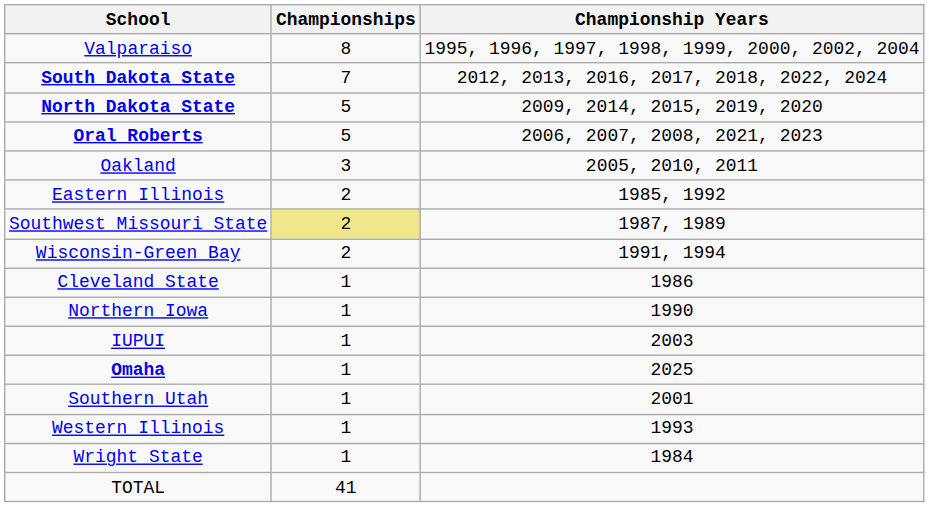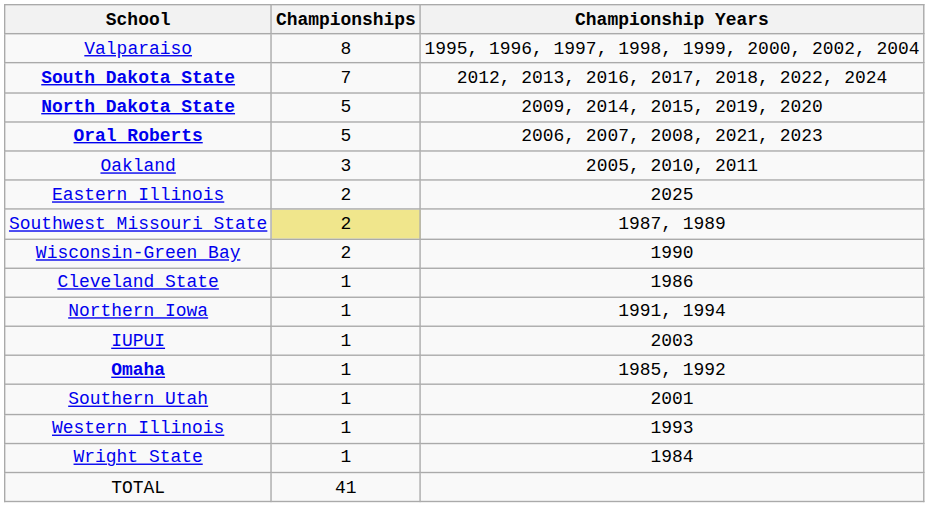 <table class="wikitable sortable" style="text-align:center">
 <tr>
 <th width=px>School</th>
 <th width=px>Championships</th>
 <th width=px>Championship Years</th>
 </tr>
 <tr>
 <td><a href='#'>Valparaiso</a></td>
 <td align=center>8</td>
 <td>1995, 1996, 1997, 1998, 1999, 2000, 2002, 2004</td>
 </tr>
 <tr>
 <td><strong><a href='#'>South Dakota State</a></strong></td>
 <td align=center>7</td>
 <td>2012, 2013, 2016, 2017, 2018, 2022, 2024</td>
 </tr>
 <tr>
 <td><strong><a href='#'>North Dakota State</a></strong></td>
 <td align="center">5</td>
 <td>2009, 2014, 2015, 2019, 2020</td>
 </tr>
 <tr>
 <td><strong><a href='#'>Oral Roberts</a></strong></td>
 <td align=center>5</td>
 <td>2006, 2007, 2008, 2021, 2023</td>
 </tr>
 <tr>
 <td><a href='#'>Oakland</a></td>
 <td align=center>3</td>
 <td>2005, 2010, 2011</td>
 </tr>
 <tr>
 <td><a href='#'>Eastern Illinois</a></td>
 <td align=center>2</td>
-<td>1985, 1992</td>
+<td>2025</td>
 </tr>
 <tr>
 <td><a href='#'>Southwest Missouri State</a></td>
 <td align=center style="background: khaki;">2</td>
 <td>1987, 1989</td>
 </tr>
 <tr>
 <td><a href='#'>Wisconsin-Green Bay</a></td>
 <td align=center>2</td>
-<td>1991, 1994</td>
+<td>1990</td>
 </tr>
 <tr>
 <td><a href='#'>Cleveland State</a></td>
 <td align=center>1</td>
 <td>1986</td>
 </tr>
 <tr>
 <td><a href='#'>Northern Iowa</a></td>
 <td align="center">1</td>
-<td>1990</td>
+<td>1991, 1994</td>
 </tr>
 <tr>
 <td><a href='#'>IUPUI</a></td>
 <td align=center>1</td>
 <td>2003</td>
 </tr>
 <tr>
 <td><strong><a href='#'>Omaha</a></strong></td>
 <td align=center>1</td>
-<td>2025</td>
+<td>1985, 1992</td>
 </tr>
 <tr>
 <td><a href='#'>Southern Utah</a></td>
 <td align="center">1</td>
 <td>2001</td>
 </tr>
 <tr>
 <td><a href='#'>Western Illinois</a></td>
 <td align=center>1</td>
 <td>1993</td>
 </tr>
 <tr>
 <td><a href='#'>Wright State</a></td>
 <td align="center">1</td>
 <td>1984</td>
 </tr>
 <tr>
 <td>TOTAL</td>
 <td align=center>41</td>
 </tr>
 </table>
